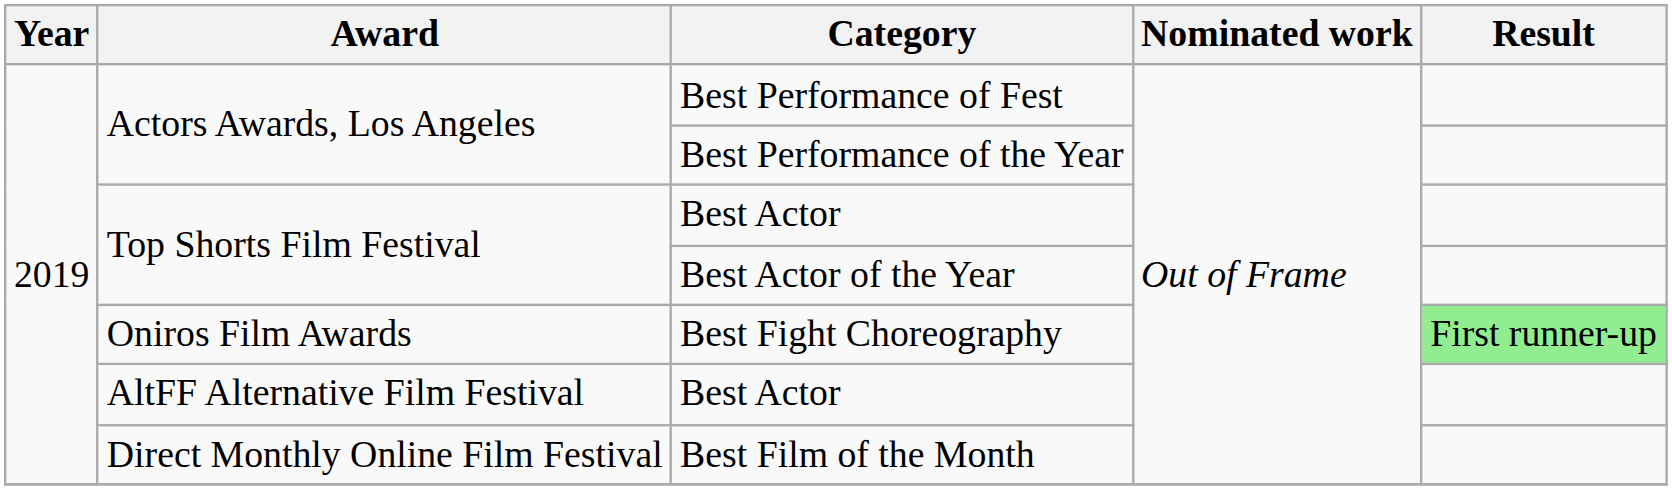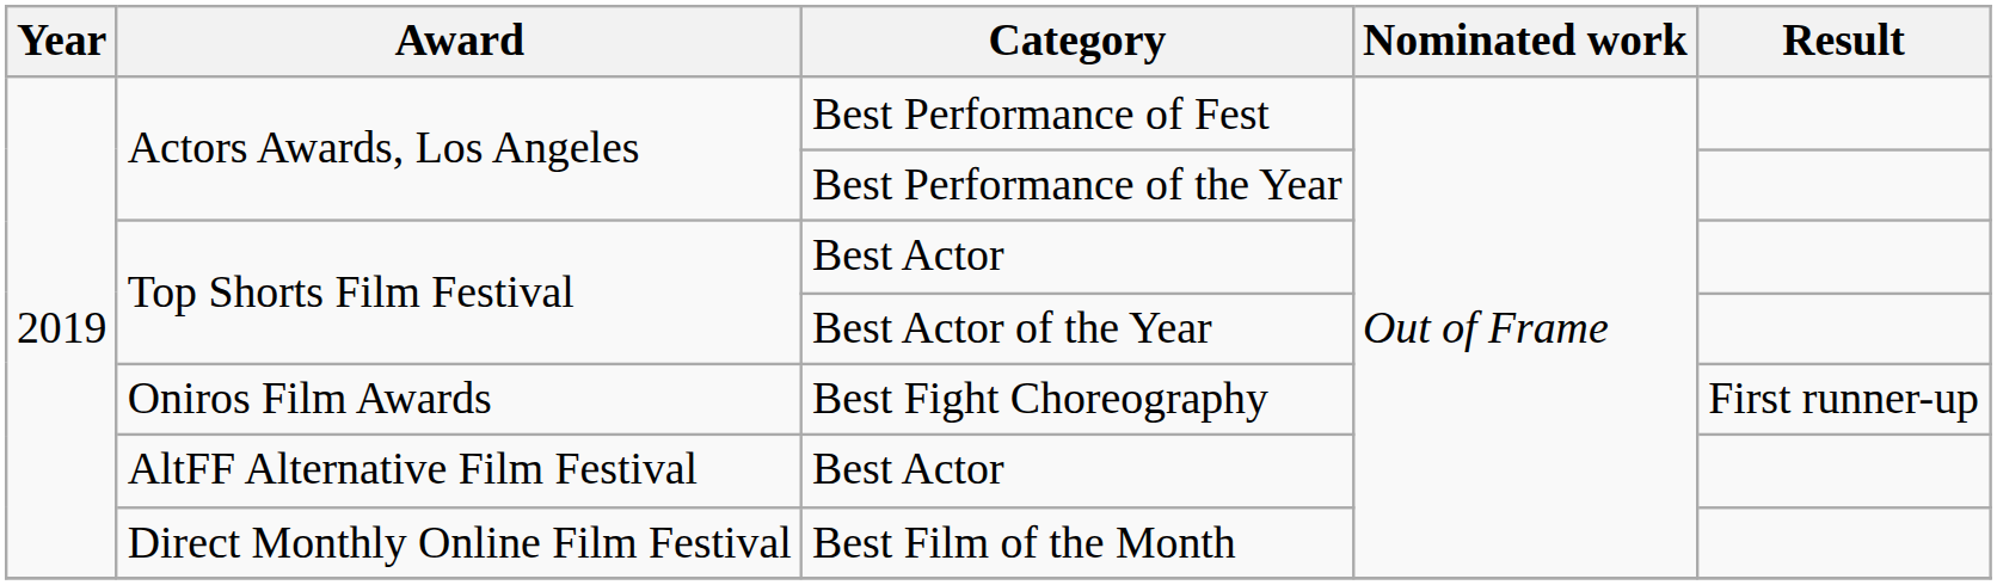 <table class="wikitable sortable">
 <tr>
 <th>Year</th>
 <th>Award</th>
 <th>Category</th>
 <th>Nominated work</th>
 <th>Result</th>
 </tr>
 <tr>
 <td rowspan="7;">2019</td>
 <td rowspan="2;">Actors Awards, Los Angeles</td>
 <td>Best Performance of Fest</td>
 <td rowspan="7;"><em>Out of Frame</em></td>
 <td></td>
 </tr>
 <tr>
 <td>Best Performance of the Year</td>
 <td></td>
 </tr>
 <tr>
 <td rowspan="2;">Top Shorts Film Festival</td>
 <td>Best Actor</td>
 <td></td>
 </tr>
 <tr>
 <td>Best Actor of the Year</td>
 <td></td>
 </tr>
 <tr>
 <td>Oniros Film Awards</td>
 <td>Best Fight Choreography</td>
-<td style="background: lightgreen;">First runner-up</td>
+<td>First runner-up</td>
 </tr>
 <tr>
 <td>AltFF Alternative Film Festival</td>
 <td>Best Actor</td>
 <td></td>
 </tr>
 <tr>
 <td>Direct Monthly Online Film Festival</td>
 <td>Best Film of the Month</td>
 <td></td>
 </tr>
 <tr>
 </tr>
 </table>
